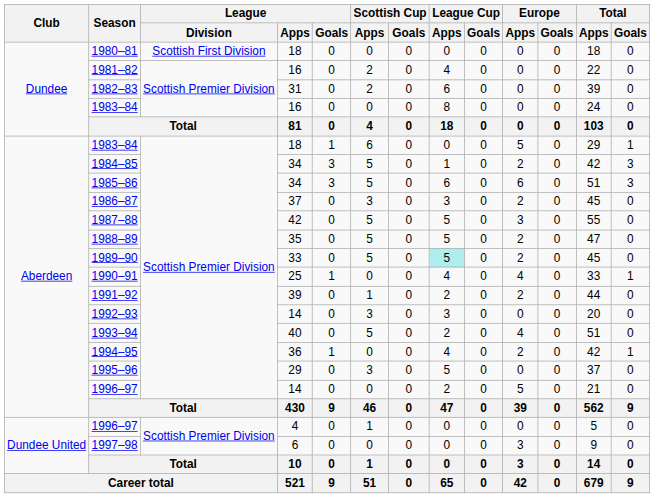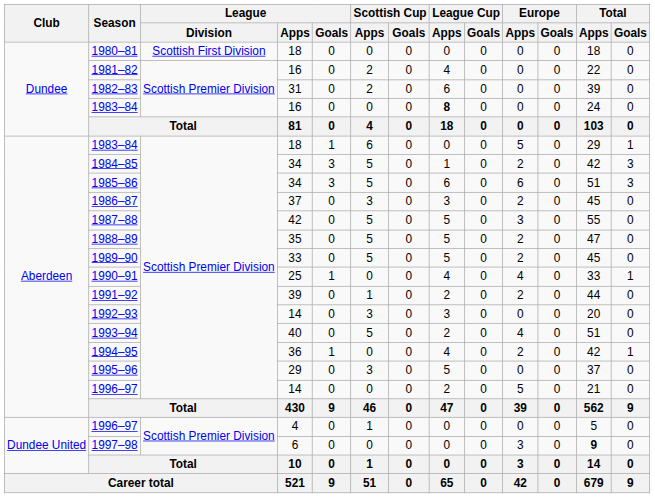 <table class="wikitable" style="text-align:center">
 <tr>
 <th rowspan="2">Club</th>
 <th rowspan="2">Season</th>
 <th colspan="3">League</th>
 <th colspan="2">Scottish Cup</th>
 <th colspan="2">League Cup</th>
 <th colspan="2">Europe</th>
 <th colspan="2">Total</th>
 </tr>
 <tr>
 <th>Division</th>
 <th>Apps</th>
 <th>Goals</th>
 <th>Apps</th>
 <th>Goals</th>
 <th>Apps</th>
 <th>Goals</th>
 <th>Apps</th>
 <th>Goals</th>
 <th>Apps</th>
 <th>Goals</th>
 </tr>
 <tr>
 <td rowspan="5"><a href='#'>Dundee</a></td>
 <td><a href='#'>1980–81</a></td>
 <td><a href='#'>Scottish First Division</a></td>
 <td>18</td>
 <td>0</td>
 <td>0</td>
 <td>0</td>
 <td>0</td>
 <td>0</td>
 <td>0</td>
 <td>0</td>
 <td>18</td>
 <td>0</td>
 </tr>
 <tr>
 <td><a href='#'>1981–82</a></td>
 <td rowspan="3"><a href='#'>Scottish Premier Division</a></td>
 <td>16</td>
 <td>0</td>
 <td>2</td>
 <td>0</td>
 <td>4</td>
 <td>0</td>
 <td>0</td>
 <td>0</td>
 <td>22</td>
 <td>0</td>
 </tr>
 <tr>
 <td><a href='#'>1982–83</a></td>
 <td>31</td>
 <td>0</td>
 <td>2</td>
 <td>0</td>
 <td>6</td>
 <td>0</td>
 <td>0</td>
 <td>0</td>
 <td>39</td>
 <td>0</td>
 </tr>
 <tr>
 <td><a href='#'>1983–84</a></td>
 <td>16</td>
 <td>0</td>
 <td>0</td>
 <td>0</td>
-<td>8</td>
+<td><strong>8</strong></td>
 <td>0</td>
 <td>0</td>
 <td>0</td>
 <td>24</td>
 <td>0</td>
 </tr>
 <tr>
 <th colspan="2">Total</th>
 <th>81</th>
 <th>0</th>
 <th>4</th>
 <th>0</th>
 <th>18</th>
 <th>0</th>
 <th>0</th>
 <th>0</th>
 <th>103</th>
 <th>0</th>
 </tr>
 <tr>
 <td rowspan="15"><a href='#'>Aberdeen</a></td>
 <td><a href='#'>1983–84</a></td>
 <td rowspan="14"><a href='#'>Scottish Premier Division</a></td>
 <td>18</td>
 <td>1</td>
 <td>6</td>
 <td>0</td>
 <td>0</td>
 <td>0</td>
 <td>5</td>
 <td>0</td>
 <td>29</td>
 <td>1</td>
 </tr>
 <tr>
 <td><a href='#'>1984–85</a></td>
 <td>34</td>
 <td>3</td>
 <td>5</td>
 <td>0</td>
 <td>1</td>
 <td>0</td>
 <td>2</td>
 <td>0</td>
 <td>42</td>
 <td>3</td>
 </tr>
 <tr>
 <td><a href='#'>1985–86</a></td>
 <td>34</td>
 <td>3</td>
 <td>5</td>
 <td>0</td>
 <td>6</td>
 <td>0</td>
 <td>6</td>
 <td>0</td>
 <td>51</td>
 <td>3</td>
 </tr>
 <tr>
 <td><a href='#'>1986–87</a></td>
 <td>37</td>
 <td>0</td>
 <td>3</td>
 <td>0</td>
 <td>3</td>
 <td>0</td>
 <td>2</td>
 <td>0</td>
 <td>45</td>
 <td>0</td>
 </tr>
 <tr>
 <td><a href='#'>1987–88</a></td>
 <td>42</td>
 <td>0</td>
 <td>5</td>
 <td>0</td>
 <td>5</td>
 <td>0</td>
 <td>3</td>
 <td>0</td>
 <td>55</td>
 <td>0</td>
 </tr>
 <tr>
 <td><a href='#'>1988–89</a></td>
 <td>35</td>
 <td>0</td>
 <td>5</td>
 <td>0</td>
 <td>5</td>
 <td>0</td>
 <td>2</td>
 <td>0</td>
 <td>47</td>
 <td>0</td>
 </tr>
 <tr>
 <td><a href='#'>1989–90</a></td>
 <td>33</td>
 <td>0</td>
 <td>5</td>
 <td>0</td>
-<td style="background: paleturquoise;">5</td>
+<td>5</td>
 <td>0</td>
 <td>2</td>
 <td>0</td>
 <td>45</td>
 <td>0</td>
 </tr>
 <tr>
 <td><a href='#'>1990–91</a></td>
 <td>25</td>
 <td>1</td>
 <td>0</td>
 <td>0</td>
 <td>4</td>
 <td>0</td>
 <td>4</td>
 <td>0</td>
 <td>33</td>
 <td>1</td>
 </tr>
 <tr>
 <td><a href='#'>1991–92</a></td>
 <td>39</td>
 <td>0</td>
 <td>1</td>
 <td>0</td>
 <td>2</td>
 <td>0</td>
 <td>2</td>
 <td>0</td>
 <td>44</td>
 <td>0</td>
 </tr>
 <tr>
 <td><a href='#'>1992–93</a></td>
 <td>14</td>
 <td>0</td>
 <td>3</td>
 <td>0</td>
 <td>3</td>
 <td>0</td>
 <td>0</td>
 <td>0</td>
 <td>20</td>
 <td>0</td>
 </tr>
 <tr>
 <td><a href='#'>1993–94</a></td>
 <td>40</td>
 <td>0</td>
 <td>5</td>
 <td>0</td>
 <td>2</td>
 <td>0</td>
 <td>4</td>
 <td>0</td>
 <td>51</td>
 <td>0</td>
 </tr>
 <tr>
 <td><a href='#'>1994–95</a></td>
 <td>36</td>
 <td>1</td>
 <td>0</td>
 <td>0</td>
 <td>4</td>
 <td>0</td>
 <td>2</td>
 <td>0</td>
 <td>42</td>
 <td>1</td>
 </tr>
 <tr>
 <td><a href='#'>1995–96</a></td>
 <td>29</td>
 <td>0</td>
 <td>3</td>
 <td>0</td>
 <td>5</td>
 <td>0</td>
 <td>0</td>
 <td>0</td>
 <td>37</td>
 <td>0</td>
 </tr>
 <tr>
 <td><a href='#'>1996–97</a></td>
 <td>14</td>
 <td>0</td>
 <td>0</td>
 <td>0</td>
 <td>2</td>
 <td>0</td>
 <td>5</td>
 <td>0</td>
 <td>21</td>
 <td>0</td>
 </tr>
 <tr>
 <th colspan="2">Total</th>
 <th>430</th>
 <th>9</th>
 <th>46</th>
 <th>0</th>
 <th>47</th>
 <th>0</th>
 <th>39</th>
 <th>0</th>
 <th>562</th>
 <th>9</th>
 </tr>
 <tr>
 <td rowspan="3"><a href='#'>Dundee United</a></td>
 <td><a href='#'>1996–97</a></td>
 <td rowspan="2"><a href='#'>Scottish Premier Division</a></td>
 <td>4</td>
 <td>0</td>
 <td>1</td>
 <td>0</td>
 <td>0</td>
 <td>0</td>
 <td>0</td>
 <td>0</td>
 <td>5</td>
 <td>0</td>
 </tr>
 <tr>
 <td><a href='#'>1997–98</a></td>
 <td>6</td>
 <td>0</td>
 <td>0</td>
 <td>0</td>
 <td>0</td>
 <td>0</td>
 <td>3</td>
 <td>0</td>
-<td>9</td>
+<td><strong>9</strong></td>
 <td>0</td>
 </tr>
 <tr>
 <th colspan="2">Total</th>
 <th>10</th>
 <th>0</th>
 <th>1</th>
 <th>0</th>
 <th>0</th>
 <th>0</th>
 <th>3</th>
 <th>0</th>
 <th>14</th>
 <th>0</th>
 </tr>
 <tr>
 <th colspan="3">Career total</th>
 <th>521</th>
 <th>9</th>
 <th>51</th>
 <th>0</th>
 <th>65</th>
 <th>0</th>
 <th>42</th>
 <th>0</th>
 <th>679</th>
 <th>9</th>
 </tr>
 </table>
